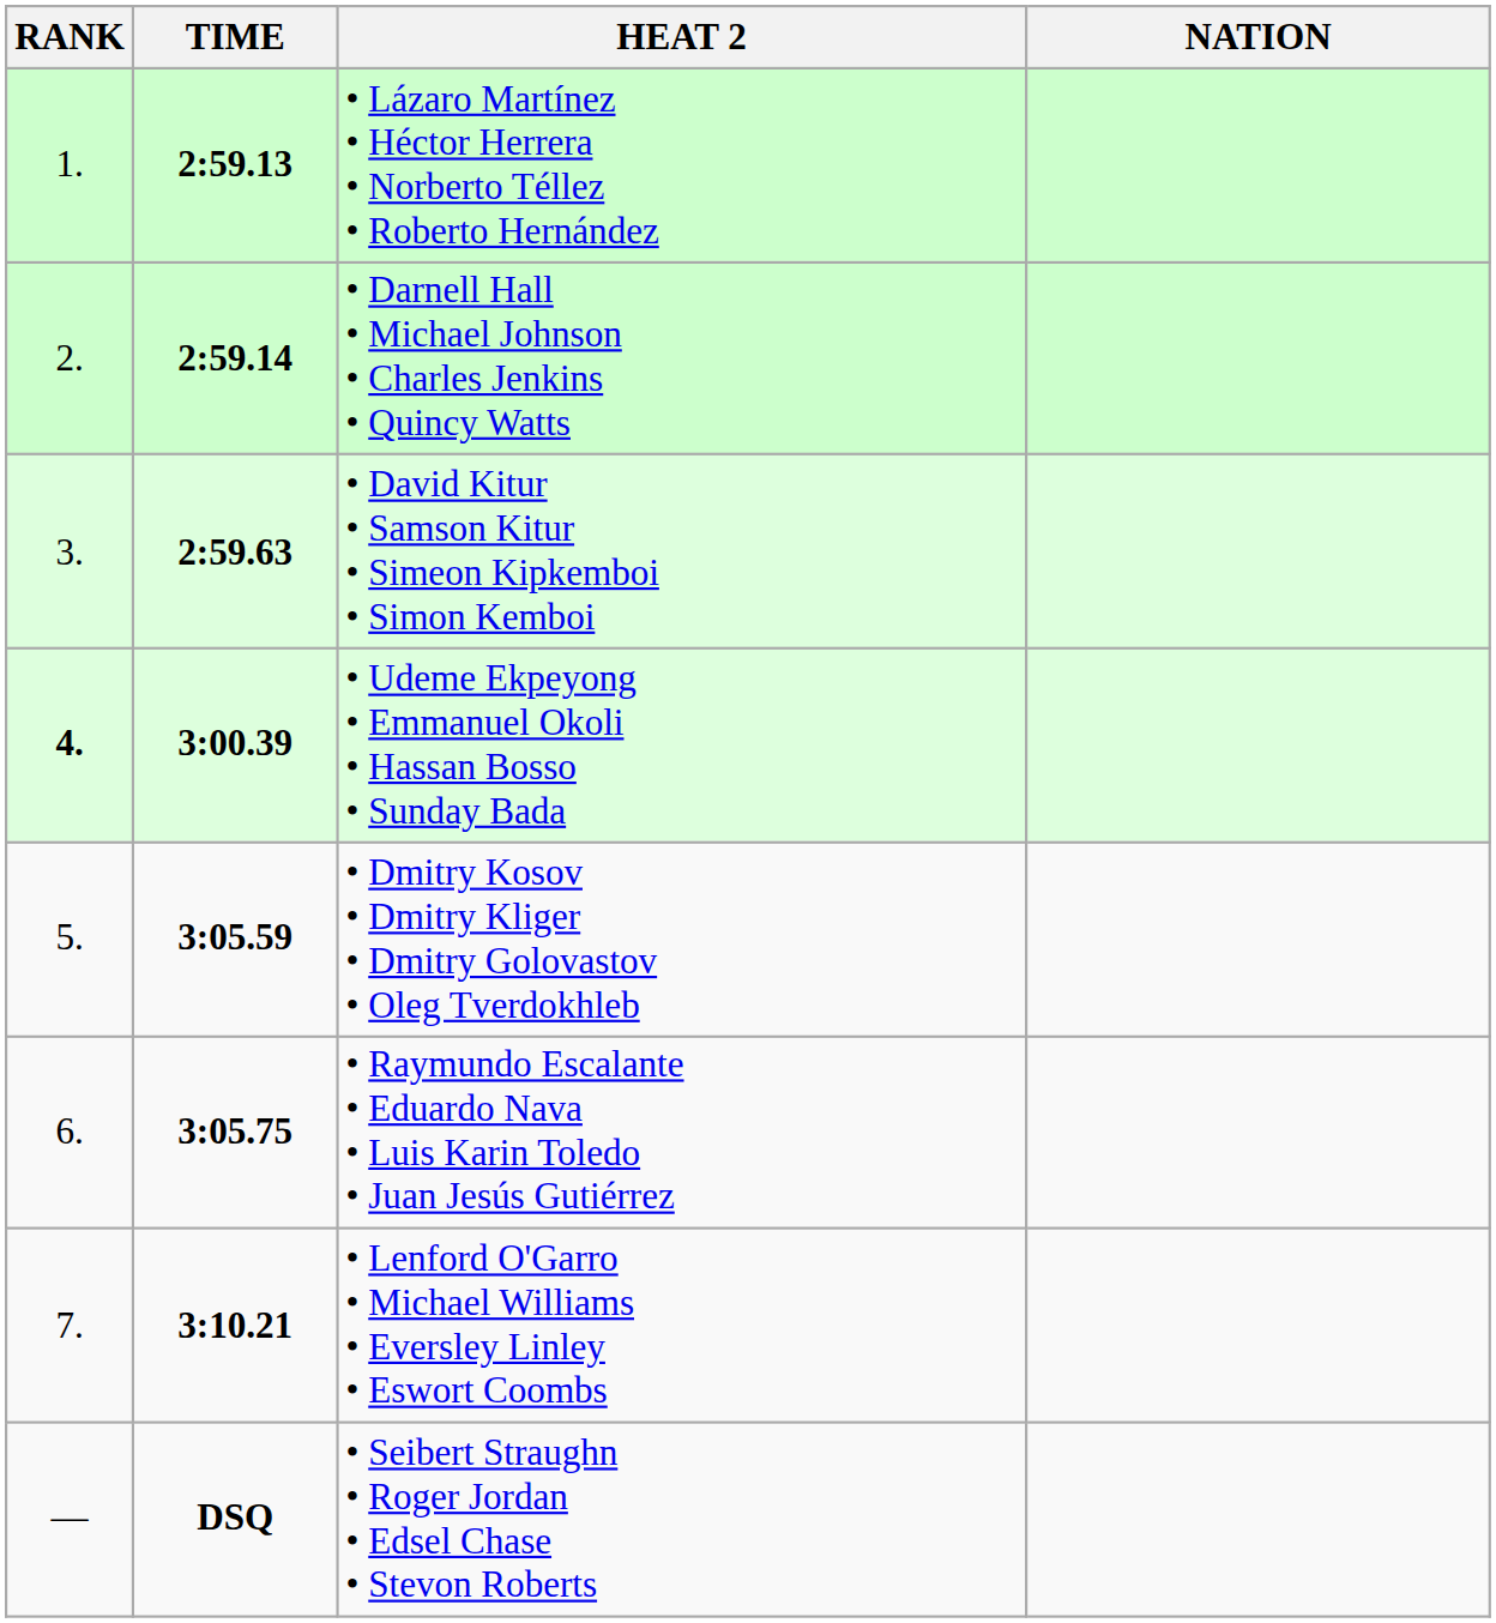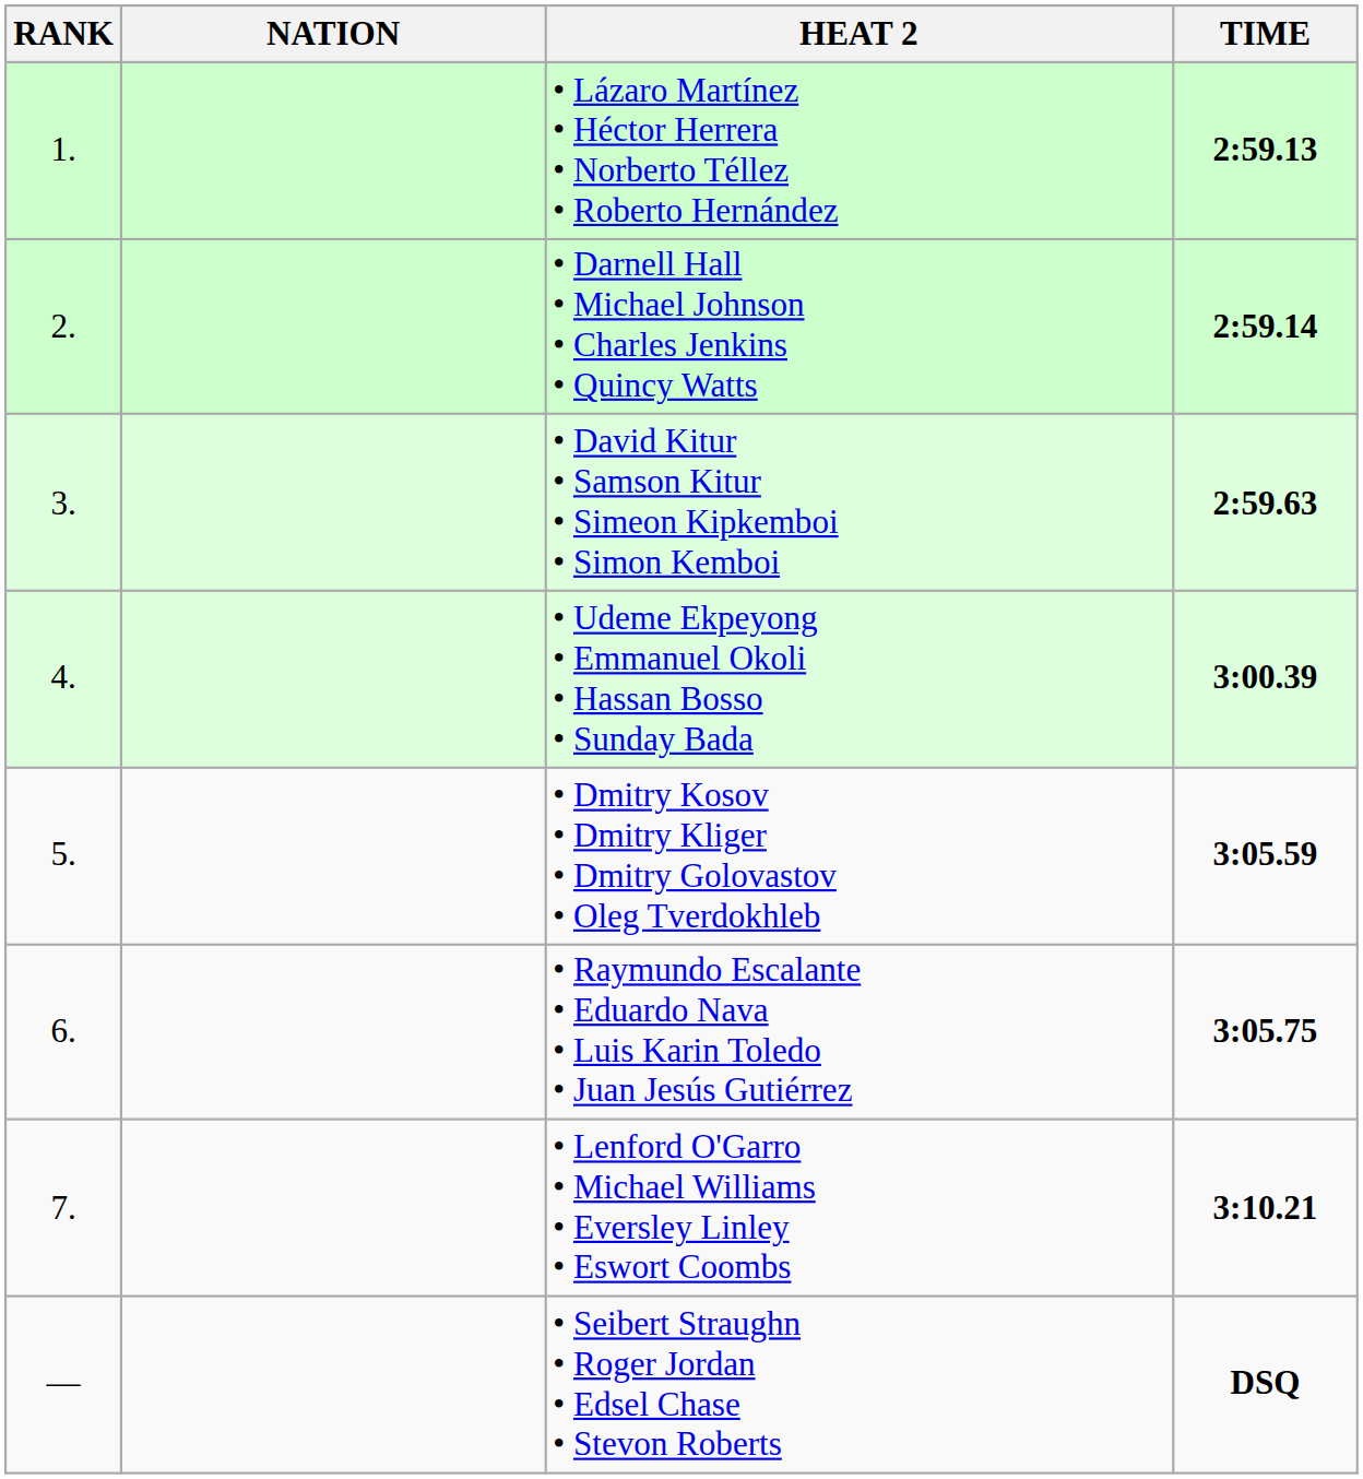 <table class="wikitable" style="border-collapse: collapse; font-size: 90%;">
 <tr>
 <th>RANK</th>
+<th style="width: 12em">NATION</th>
+<th style="width: 18em">HEAT 2</th>
 <th style="width: 5em">TIME</th>
-<th style="width: 18em">HEAT 2</th>
-<th style="width: 12em">NATION</th>
 </tr>
 <tr style="background:#ccffcc;">
 <td align="center">1.</td>
+<td align="center"></td>
+<td>• <a href='#'>Lázaro Martínez</a><br>• <a href='#'>Héctor Herrera</a><br>• <a href='#'>Norberto Téllez</a><br>• <a href='#'>Roberto Hernández</a></td>
 <td align="center"><strong>2:59.13</strong></td>
-<td>• <a href='#'>Lázaro Martínez</a><br>• <a href='#'>Héctor Herrera</a><br>• <a href='#'>Norberto Téllez</a><br>• <a href='#'>Roberto Hernández</a></td>
-<td align="center"></td>
 </tr>
 <tr style="background:#ccffcc;">
 <td align="center">2.</td>
+<td align="center"></td>
+<td>• <a href='#'>Darnell Hall</a><br>• <a href='#'>Michael Johnson</a><br>• <a href='#'>Charles Jenkins</a><br>• <a href='#'>Quincy Watts</a></td>
 <td align="center"><strong>2:59.14</strong></td>
-<td>• <a href='#'>Darnell Hall</a><br>• <a href='#'>Michael Johnson</a><br>• <a href='#'>Charles Jenkins</a><br>• <a href='#'>Quincy Watts</a></td>
-<td align="center"></td>
 </tr>
 <tr style="background:#ddffdd;">
 <td align="center">3.</td>
+<td align="center"></td>
+<td>• <a href='#'>David Kitur</a><br>• <a href='#'>Samson Kitur</a><br>• <a href='#'>Simeon Kipkemboi</a><br>• <a href='#'>Simon Kemboi</a></td>
 <td align="center"><strong>2:59.63</strong></td>
-<td>• <a href='#'>David Kitur</a><br>• <a href='#'>Samson Kitur</a><br>• <a href='#'>Simeon Kipkemboi</a><br>• <a href='#'>Simon Kemboi</a></td>
-<td align="center"></td>
 </tr>
 <tr style="background:#ddffdd;">
-<td align="center"><strong>4.</strong></td>
+<td align="center">4.</td>
+<td align="center"></td>
+<td>• <a href='#'>Udeme Ekpeyong</a><br>• <a href='#'>Emmanuel Okoli</a><br>• <a href='#'>Hassan Bosso</a><br>• <a href='#'>Sunday Bada</a></td>
 <td align="center"><strong>3:00.39</strong></td>
-<td>• <a href='#'>Udeme Ekpeyong</a><br>• <a href='#'>Emmanuel Okoli</a><br>• <a href='#'>Hassan Bosso</a><br>• <a href='#'>Sunday Bada</a></td>
-<td align="center"></td>
 </tr>
 <tr>
 <td align="center">5.</td>
+<td align="center"></td>
+<td>• <a href='#'>Dmitry Kosov</a><br>• <a href='#'>Dmitry Kliger</a><br>• <a href='#'>Dmitry Golovastov</a><br>• <a href='#'>Oleg Tverdokhleb</a></td>
 <td align="center"><strong>3:05.59</strong></td>
-<td>• <a href='#'>Dmitry Kosov</a><br>• <a href='#'>Dmitry Kliger</a><br>• <a href='#'>Dmitry Golovastov</a><br>• <a href='#'>Oleg Tverdokhleb</a></td>
-<td align="center"></td>
 </tr>
 <tr>
 <td align="center">6.</td>
+<td align="center"></td>
+<td>• <a href='#'>Raymundo Escalante</a><br>• <a href='#'>Eduardo Nava</a><br>• <a href='#'>Luis Karin Toledo</a><br>• <a href='#'>Juan Jesús Gutiérrez</a></td>
 <td align="center"><strong>3:05.75</strong></td>
-<td>• <a href='#'>Raymundo Escalante</a><br>• <a href='#'>Eduardo Nava</a><br>• <a href='#'>Luis Karin Toledo</a><br>• <a href='#'>Juan Jesús Gutiérrez</a></td>
-<td align="center"></td>
 </tr>
 <tr>
 <td align="center">7.</td>
+<td align="center"></td>
+<td>• <a href='#'>Lenford O'Garro</a><br>• <a href='#'>Michael Williams</a><br>• <a href='#'>Eversley Linley</a><br>• <a href='#'>Eswort Coombs</a></td>
 <td align="center"><strong>3:10.21</strong></td>
-<td>• <a href='#'>Lenford O'Garro</a><br>• <a href='#'>Michael Williams</a><br>• <a href='#'>Eversley Linley</a><br>• <a href='#'>Eswort Coombs</a></td>
-<td align="center"></td>
 </tr>
 <tr>
 <td align="center">—</td>
+<td align="center"></td>
+<td>• <a href='#'>Seibert Straughn</a><br>• <a href='#'>Roger Jordan</a><br>• <a href='#'>Edsel Chase</a><br>• <a href='#'>Stevon Roberts</a></td>
 <td align="center"><strong>DSQ</strong></td>
-<td>• <a href='#'>Seibert Straughn</a><br>• <a href='#'>Roger Jordan</a><br>• <a href='#'>Edsel Chase</a><br>• <a href='#'>Stevon Roberts</a></td>
-<td align="center"></td>
 </tr>
 </table>
